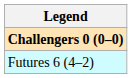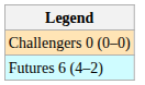 <table class=wikitable style=font-size:95%>
 <tr>
 <th>Legend</th>
 </tr>
 <tr style="background:moccasin;">
-<td><strong>Challengers 0 (0–0)</strong></td>
+<td>Challengers 0 (0–0)</td>
 </tr>
 <tr style="background:#cffcff;">
 <td>Futures 6 (4–2)</td>
 </tr>
 </table>
